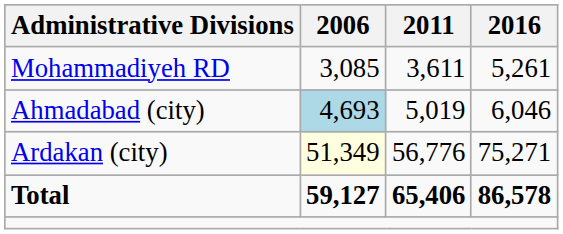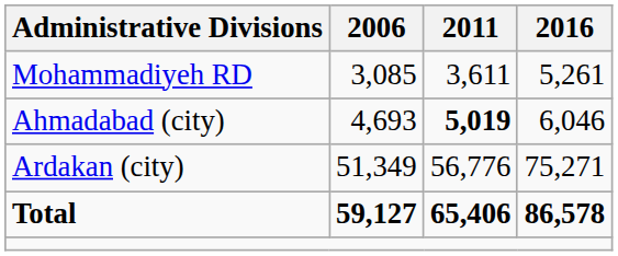 <table class="wikitable">
 <tr>
 <th>Administrative Divisions</th>
 <th>2006</th>
 <th>2011</th>
 <th>2016</th>
 </tr>
 <tr>
 <td><a href='#'>Mohammadiyeh RD</a></td>
 <td style="text-align: right;">3,085</td>
 <td style="text-align: right;">3,611</td>
 <td style="text-align: right;">5,261</td>
 </tr>
 <tr>
 <td><a href='#'>Ahmadabad</a> (city)</td>
-<td style="background: lightblue; text-align: right;">4,693</td>
-<td style="text-align: right;">5,019</td>
+<td style="text-align: right;">4,693</td>
+<td style="text-align: right;"><strong>5,019</strong></td>
 <td style="text-align: right;">6,046</td>
 </tr>
 <tr>
 <td><a href='#'>Ardakan</a> (city)</td>
-<td style="background: lightyellow; text-align: right;">51,349</td>
+<td style="text-align: right;">51,349</td>
 <td style="text-align: right;">56,776</td>
 <td style="text-align: right;">75,271</td>
 </tr>
 <tr>
 <td><strong>Total</strong></td>
 <td style="text-align: right;"><strong>59,127</strong></td>
 <td style="text-align: right;"><strong>65,406</strong></td>
 <td style="text-align: right;"><strong>86,578</strong></td>
 </tr>
 <tr>
 <td colspan=4></td>
 </tr>
 </table>
